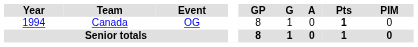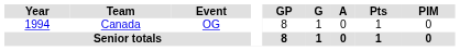 <table border="0" cellpadding="1" cellspacing="0" style="text-align:center; width:40em">
 <tr ALIGN="center" bgcolor="#e0e0e0">
 <th>Year</th>
 <th>Team</th>
 <th>Event</th>
 <th rowspan="99" bgcolor="#ffffff"> </th>
 <th>GP</th>
 <th>G</th>
 <th>A</th>
 <th>Pts</th>
 <th>PIM</th>
 </tr>
 <tr>
 <td><a href='#'>1994</a></td>
 <td><a href='#'>Canada</a></td>
 <td><a href='#'>OG</a></td>
 <td>8</td>
 <td>1</td>
 <td>0</td>
-<td><strong>1</strong></td>
+<td>1</td>
 <td>0</td>
 </tr>
 <tr bgcolor="#e0e0e0">
 <th colspan="3">Senior totals</th>
 <th>8</th>
 <th>1</th>
 <th>0</th>
 <th>1</th>
 <th>0</th>
 </tr>
 </table>
